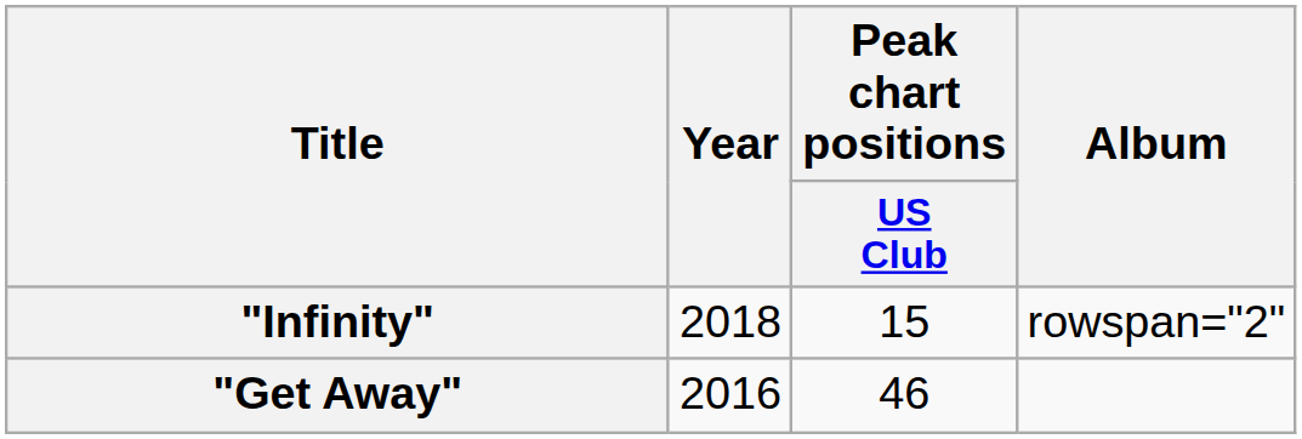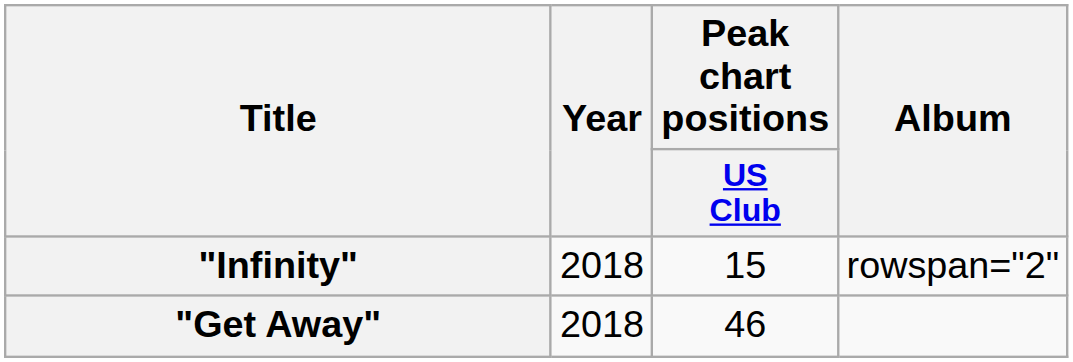 <table class="wikitable plainrowheaders" style="text-align:center;">
 <tr>
 <th scope="col" rowspan="2" style="width:14em;">Title</th>
 <th scope="col" rowspan="2" style="width:1em;">Year</th>
 <th scope="col">Peak chart positions</th>
 <th scope="col" rowspan="2">Album</th>
 </tr>
 <tr>
 <th scope="col" style="width:3em;font-size:85%;"><a href='#'>US<br>Club</a><br></th>
 </tr>
 <tr>
 <th scope="row">"Infinity"</th>
 <td>2018</td>
 <td>15</td>
 <td>rowspan="2" </td>
 </tr>
 <tr>
 <th scope="row">"Get Away"</th>
-<td>2016</td>
+<td>2018</td>
 <td>46</td>
 </tr>
 </table>
